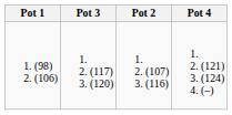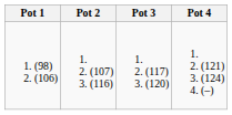 <table class="wikitable">
 <tr>
 <th width=25%>Pot 1</th>
+<th width=25%>Pot 2</th>
 <th width=25%>Pot 3</th>
-<th width=25%>Pot 2</th>
 <th width=25%>Pot 4</th>
 </tr>
 <tr>
 <td><br><ol><li> (98)</li><li> (106)</li></ol></td>
+<td><br><ol><li><li>  (107)</li><li> (116)</li></ol></td>
 <td><br><ol><li><li>  (117)</li><li> (120)</li></ol></td>
-<td><br><ol><li><li>  (107)</li><li> (116)</li></ol></td>
 <td><br><ol><li><li>  (121)</li><li> (124)</li><li> (–)</li></ol></td>
 </tr>
 </table>
